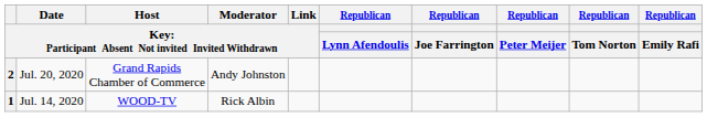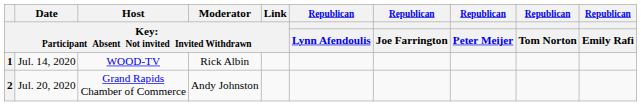 <table class="wikitable" style="text-align:center;">
 <tr>
 <th scope="col"></th>
 <th scope="col">Date</th>
 <th scope="col">Host</th>
 <th scope="col">Moderator</th>
 <th scope="col">Link</th>
 <th scope="col"><small><a href='#'>Republican</a></small></th>
 <th scope="col"><small><a href='#'>Republican</a></small></th>
 <th scope="col"><small><a href='#'>Republican</a></small></th>
 <th scope="col"><small><a href='#'>Republican</a></small></th>
 <th scope="col"><small><a href='#'>Republican</a></small></th>
 </tr>
 <tr>
 <th colspan="5" rowspan="2">Key:<br> <small>Participant </small>  <small>Absent </small>  <small>Not invited </small>  <small>Invited  Withdrawn</small></th>
 <th scope="col" style="background:"></th>
 <th scope="col" style="background:"></th>
 <th scope="col" style="background:"></th>
 <th scope="col" style="background:"></th>
 <th scope="col" style="background:"></th>
 </tr>
 <tr>
 <th scope="col"><a href='#'>Lynn Afendoulis</a></th>
 <th scope="col">Joe Farrington</th>
 <th scope="col"><a href='#'>Peter Meijer</a></th>
 <th scope="col">Tom Norton</th>
 <th scope="col">Emily Rafi</th>
 </tr>
 <tr>
+<th>1</th>
+<td style="white-space:nowrap;">Jul. 14, 2020</td>
+<td style="white-space:nowrap;"><a href='#'>WOOD-TV</a></td>
+<td style="white-space:nowrap;">Rick Albin</td>
+<td style="white-space:nowrap;"></td>
+<td></td>
+<td></td>
+<td></td>
+<td></td>
+<td></td>
+</tr>
+<tr>
 <th>2</th>
 <td style="white-space:nowrap;">Jul. 20, 2020</td>
 <td style="white-space:nowrap;"><a href='#'>Grand Rapids</a><br>Chamber of Commerce</td>
 <td style="white-space:nowrap;">Andy Johnston</td>
 <td style="white-space:nowrap;"></td>
 <td></td>
 <td></td>
 <td></td>
 <td></td>
 <td></td>
 </tr>
-<tr>
-<th>1</th>
-<td style="white-space:nowrap;">Jul. 14, 2020</td>
-<td style="white-space:nowrap;"><a href='#'>WOOD-TV</a></td>
-<td style="white-space:nowrap;">Rick Albin</td>
-<td style="white-space:nowrap;"></td>
-<td></td>
-<td></td>
-<td></td>
-<td></td>
-<td></td>
-</tr>
 </table>
